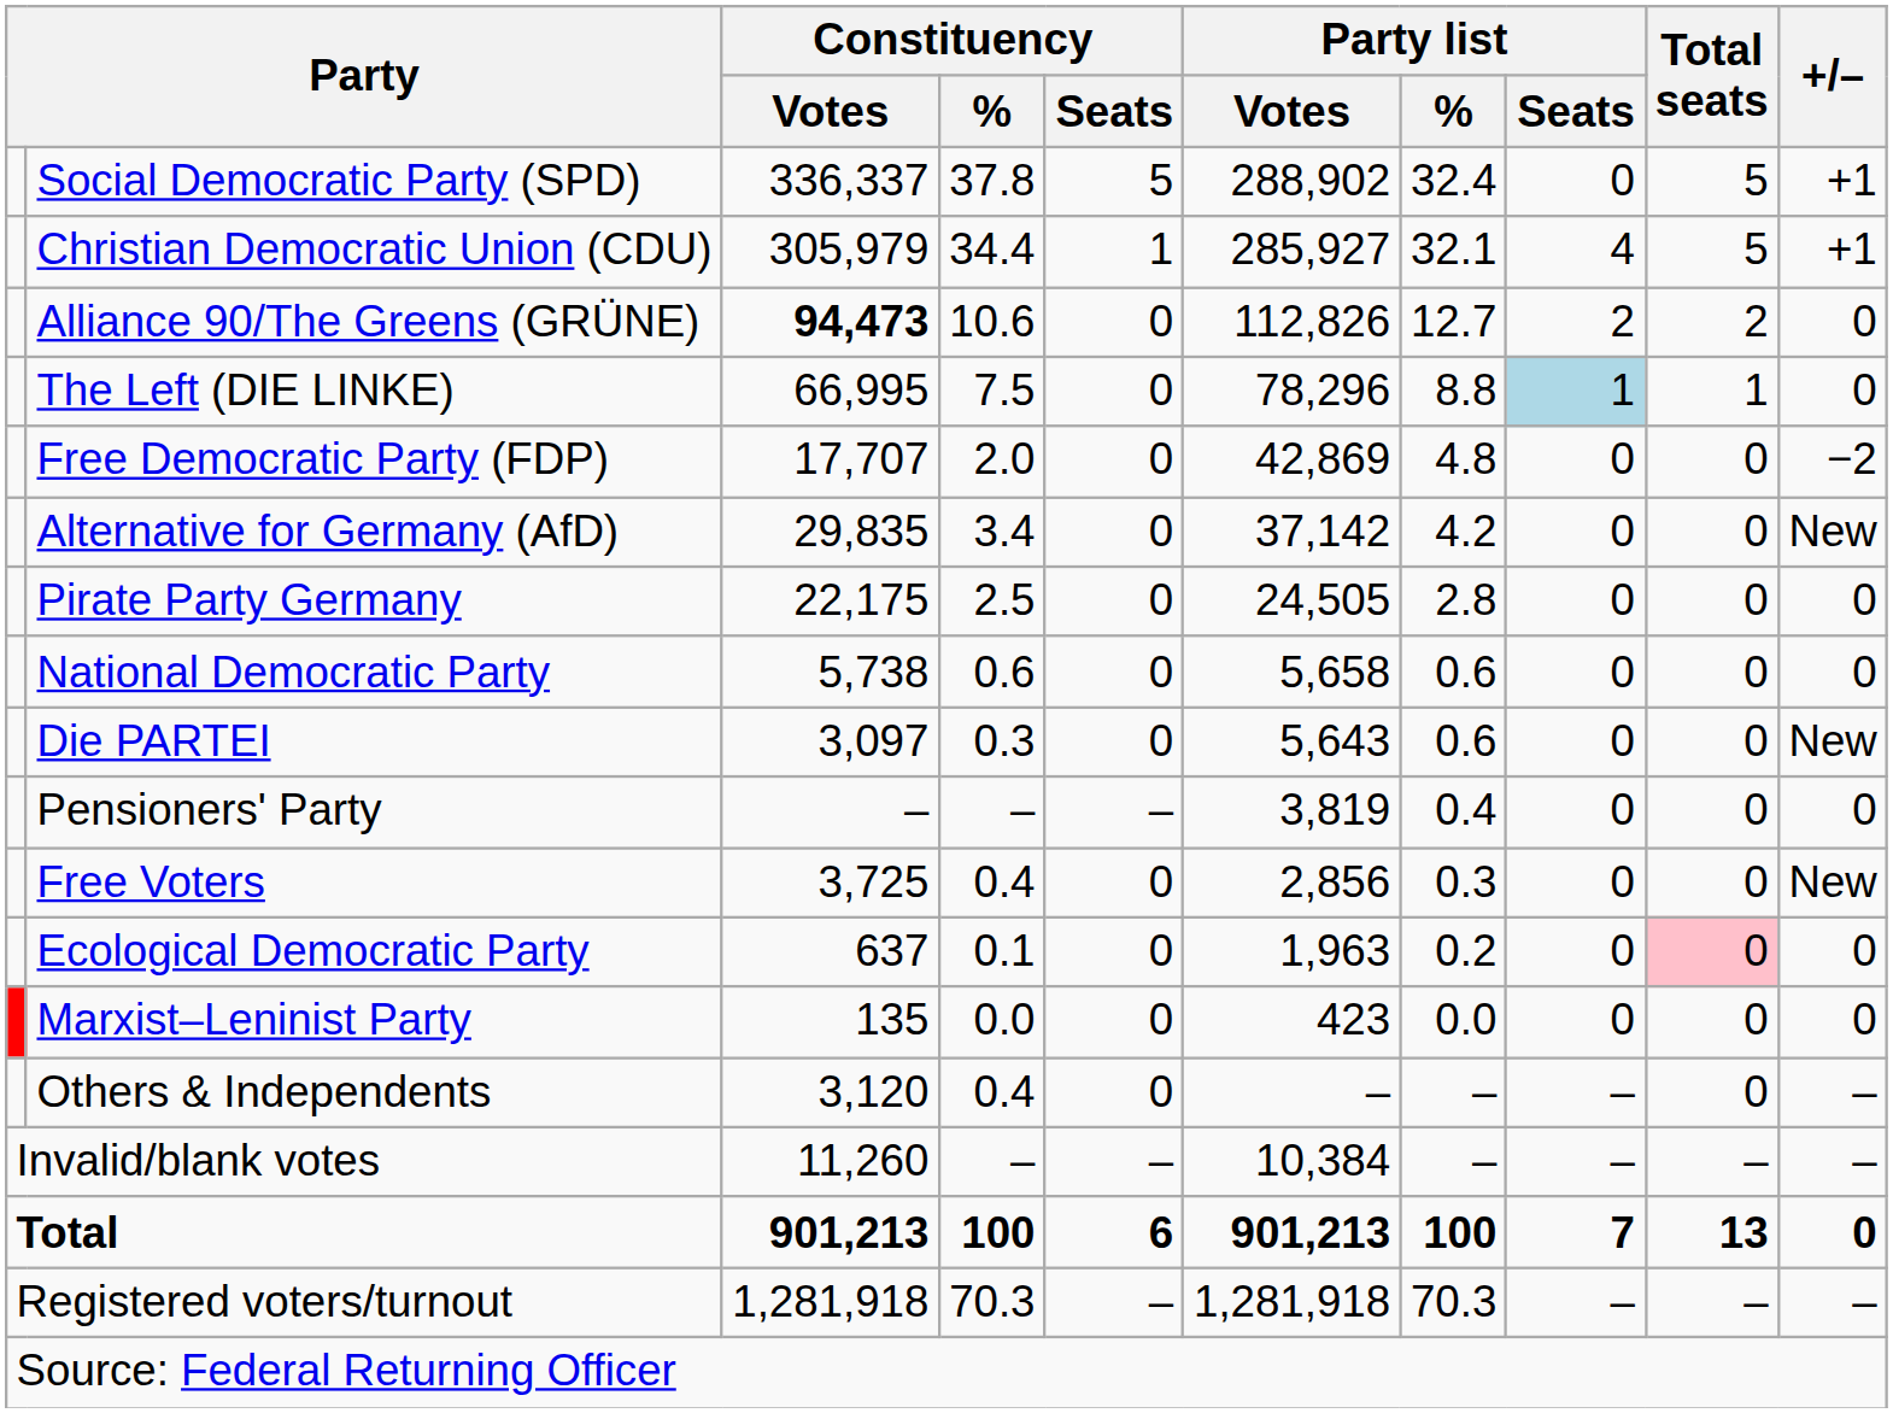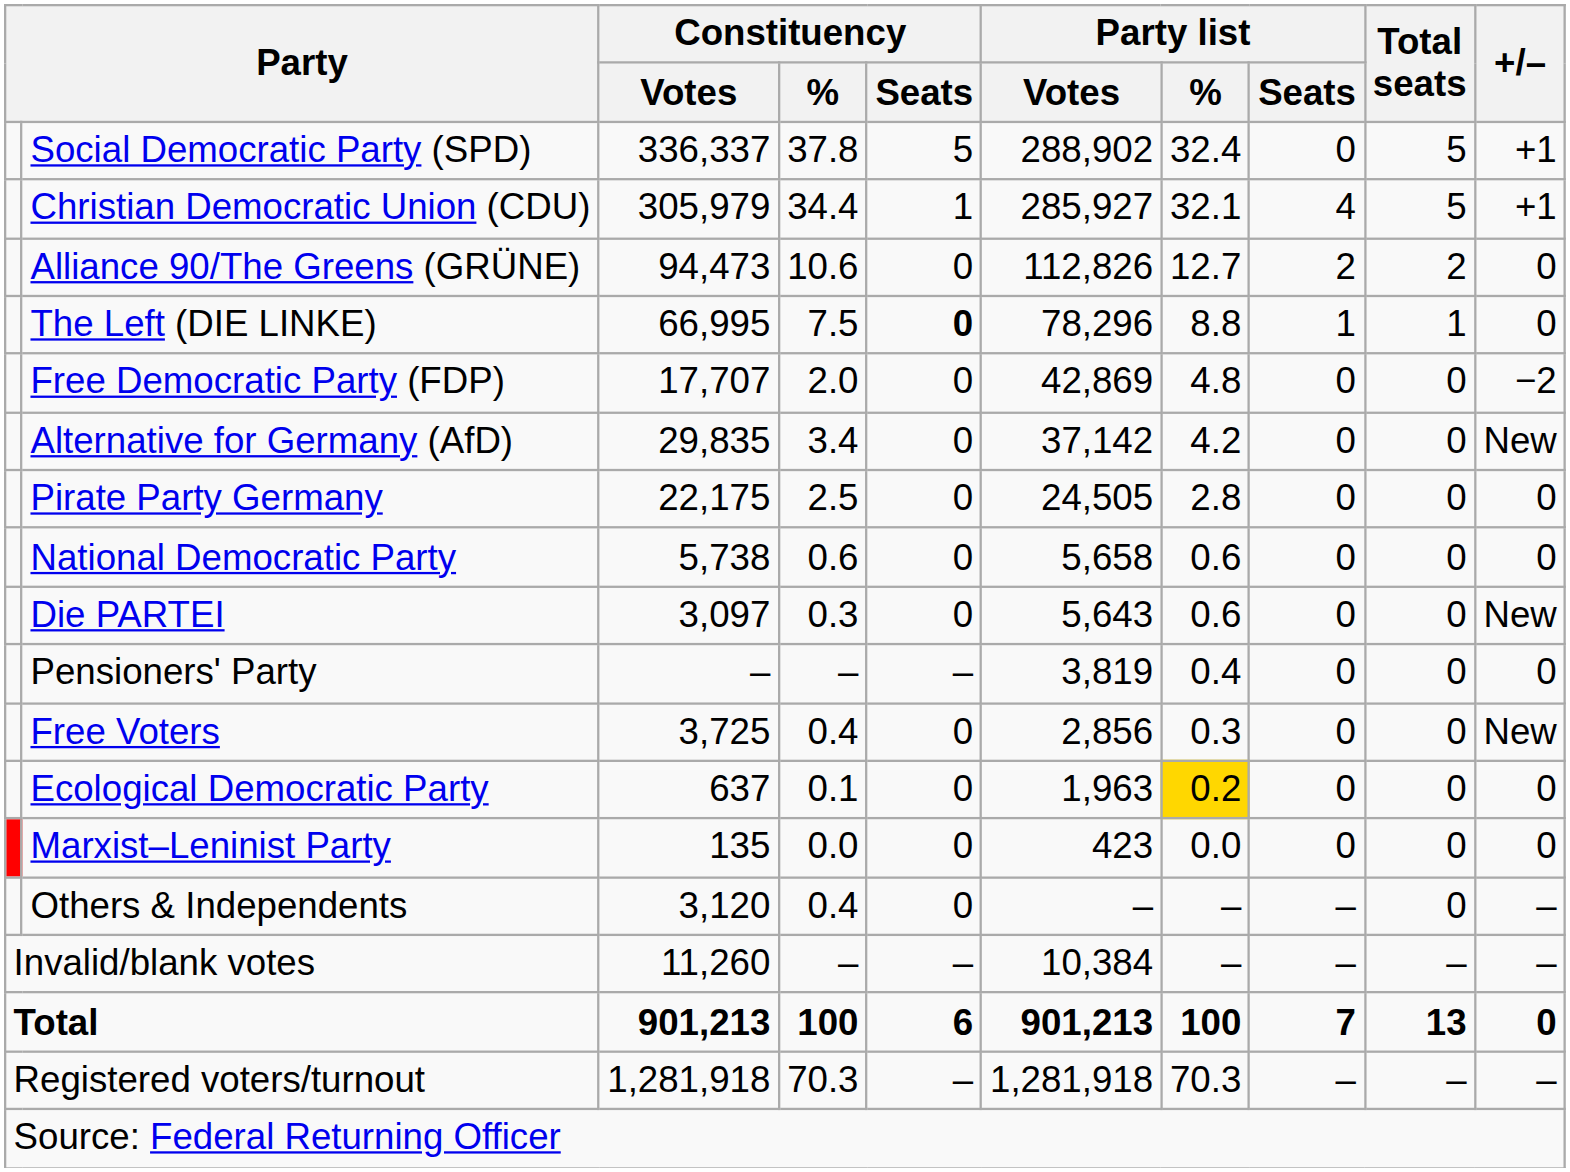 <table class="wikitable" style="text-align:right">
 <tr>
 <th colspan="2" rowspan="2">Party</th>
 <th colspan="3">Constituency</th>
 <th colspan="3">Party list</th>
 <th rowspan="2">Total<br>seats</th>
 <th rowspan="2">+/–</th>
 </tr>
 <tr>
 <th>Votes</th>
 <th>%</th>
 <th>Seats</th>
 <th>Votes</th>
 <th>%</th>
 <th>Seats</th>
 </tr>
 <tr>
 <td></td>
 <td align="left"><a href='#'>Social Democratic Party</a> (SPD)</td>
 <td>336,337</td>
 <td>37.8</td>
 <td>5</td>
 <td>288,902</td>
 <td>32.4</td>
 <td>0</td>
 <td>5</td>
 <td>+1</td>
 </tr>
 <tr>
 <td></td>
 <td align="left"><a href='#'>Christian Democratic Union</a> (CDU)</td>
 <td>305,979</td>
 <td>34.4</td>
 <td>1</td>
 <td>285,927</td>
 <td>32.1</td>
 <td>4</td>
 <td>5</td>
 <td>+1</td>
 </tr>
 <tr>
 <td></td>
 <td align="left"><a href='#'>Alliance 90/The Greens</a> (GRÜNE)</td>
-<td><strong>94,473</strong></td>
+<td>94,473</td>
 <td>10.6</td>
 <td>0</td>
 <td>112,826</td>
 <td>12.7</td>
 <td>2</td>
 <td>2</td>
 <td>0</td>
 </tr>
 <tr>
 <td></td>
 <td align="left"><a href='#'>The Left</a> (DIE LINKE)</td>
 <td>66,995</td>
 <td>7.5</td>
-<td>0</td>
+<td><strong>0</strong></td>
 <td>78,296</td>
 <td>8.8</td>
-<td style="background: lightblue;">1</td>
+<td>1</td>
 <td>1</td>
 <td>0</td>
 </tr>
 <tr>
 <td></td>
 <td align="left"><a href='#'>Free Democratic Party</a> (FDP)</td>
 <td>17,707</td>
 <td>2.0</td>
 <td>0</td>
 <td>42,869</td>
 <td>4.8</td>
 <td>0</td>
 <td>0</td>
 <td>−2</td>
 </tr>
 <tr>
 <td></td>
 <td align="left"><a href='#'>Alternative for Germany</a> (AfD)</td>
 <td>29,835</td>
 <td>3.4</td>
 <td>0</td>
 <td>37,142</td>
 <td>4.2</td>
 <td>0</td>
 <td>0</td>
 <td>New</td>
 </tr>
 <tr>
 <td style="background-color:"></td>
 <td align="left"><a href='#'>Pirate Party Germany</a></td>
 <td>22,175</td>
 <td>2.5</td>
 <td>0</td>
 <td>24,505</td>
 <td>2.8</td>
 <td>0</td>
 <td>0</td>
 <td>0</td>
 </tr>
 <tr>
 <td style="background-color:"></td>
 <td align="left"><a href='#'>National Democratic Party</a></td>
 <td>5,738</td>
 <td>0.6</td>
 <td>0</td>
 <td>5,658</td>
 <td>0.6</td>
 <td>0</td>
 <td>0</td>
 <td>0</td>
 </tr>
 <tr>
 <td style="background-color:"></td>
 <td align="left"><a href='#'>Die PARTEI</a></td>
 <td>3,097</td>
 <td>0.3</td>
 <td>0</td>
 <td>5,643</td>
 <td>0.6</td>
 <td>0</td>
 <td>0</td>
 <td>New</td>
 </tr>
 <tr>
 <td></td>
 <td align="left">Pensioners' Party</td>
 <td>–</td>
 <td>–</td>
 <td>–</td>
 <td>3,819</td>
 <td>0.4</td>
 <td>0</td>
 <td>0</td>
 <td>0</td>
 </tr>
 <tr>
 <td style="background-color:"></td>
 <td align="left"><a href='#'>Free Voters</a></td>
 <td>3,725</td>
 <td>0.4</td>
 <td>0</td>
 <td>2,856</td>
 <td>0.3</td>
 <td>0</td>
 <td>0</td>
 <td>New</td>
 </tr>
 <tr>
 <td style="background-color:"></td>
 <td align="left"><a href='#'>Ecological Democratic Party</a></td>
 <td>637</td>
 <td>0.1</td>
 <td>0</td>
 <td>1,963</td>
-<td>0.2</td>
+<td style="background: gold;">0.2</td>
 <td>0</td>
-<td style="background: pink;">0</td>
+<td>0</td>
 <td>0</td>
 </tr>
 <tr>
 <td style="background-color:red"></td>
 <td align="left"><a href='#'>Marxist–Leninist Party</a></td>
 <td>135</td>
 <td>0.0</td>
 <td>0</td>
 <td>423</td>
 <td>0.0</td>
 <td>0</td>
 <td>0</td>
 <td>0</td>
 </tr>
 <tr>
 <td></td>
 <td align="left">Others & Independents</td>
 <td>3,120</td>
 <td>0.4</td>
 <td>0</td>
 <td>–</td>
 <td>–</td>
 <td>–</td>
 <td>0</td>
 <td>–</td>
 </tr>
 <tr>
 <td colspan="2" align="left">Invalid/blank votes</td>
 <td>11,260</td>
 <td>–</td>
 <td>–</td>
 <td>10,384</td>
 <td>–</td>
 <td>–</td>
 <td>–</td>
 <td>–</td>
 </tr>
 <tr>
 <td colspan="2" align="left"><strong>Total</strong></td>
 <td><strong>901,213</strong></td>
 <td><strong>100</strong></td>
 <td><strong>6</strong></td>
 <td><strong>901,213</strong></td>
 <td><strong>100</strong></td>
 <td><strong>7</strong></td>
 <td><strong>13</strong></td>
 <td><strong>0</strong></td>
 </tr>
 <tr>
 <td colspan="2" align="left">Registered voters/turnout</td>
 <td>1,281,918</td>
 <td>70.3</td>
 <td>–</td>
 <td>1,281,918</td>
 <td>70.3</td>
 <td>–</td>
 <td>–</td>
 <td>–</td>
 </tr>
 <tr>
 <td colspan="10" align="left">Source: <a href='#'>Federal Returning Officer</a></td>
 </tr>
 </table>
